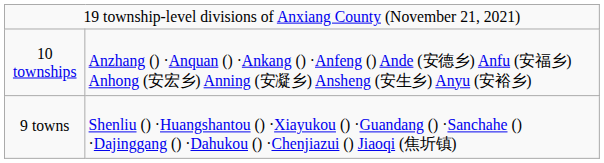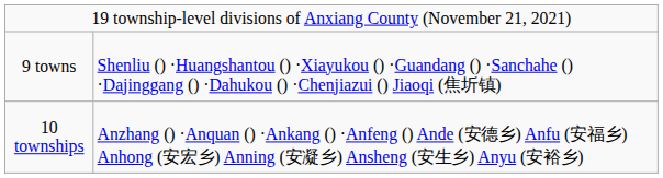 <table class="wikitable">
 <tr>
 <td style="text-align:center;" colspan="2">19 township-level divisions of <a href='#'>Anxiang County</a> (November 21, 2021)</td>
 </tr>
 <tr align=left>
+<td align=center>9 towns</td>
+<td><br><a href='#'>Shenliu</a> () ·<a href='#'>Huangshantou</a> () ·<a href='#'>Xiayukou</a> () ·<a href='#'>Guandang</a> () ·<a href='#'>Sanchahe</a> () ·<a href='#'>Dajinggang</a> () ·<a href='#'>Dahukou</a> () ·<a href='#'>Chenjiazui</a> () <a href='#'>Jiaoqi</a> (焦圻镇)</td>
+</tr>
+<tr align=left>
 <td align=center>10 <a href='#'>townships</a></td>
 <td><br><a href='#'>Anzhang</a> () ·<a href='#'>Anquan</a> () ·<a href='#'>Ankang</a> () ·<a href='#'>Anfeng</a> () <a href='#'>Ande</a> (安德乡) <a href='#'>Anfu</a> (安福乡) <a href='#'>Anhong</a> (安宏乡) <a href='#'>Anning</a> (安凝乡) <a href='#'>Ansheng</a> (安生乡) <a href='#'>Anyu</a> (安裕乡)</td>
 </tr>
-<tr align=left>
-<td align=center>9 towns</td>
-<td><br><a href='#'>Shenliu</a> () ·<a href='#'>Huangshantou</a> () ·<a href='#'>Xiayukou</a> () ·<a href='#'>Guandang</a> () ·<a href='#'>Sanchahe</a> () ·<a href='#'>Dajinggang</a> () ·<a href='#'>Dahukou</a> () ·<a href='#'>Chenjiazui</a> () <a href='#'>Jiaoqi</a> (焦圻镇)</td>
-</tr>
 </table>
